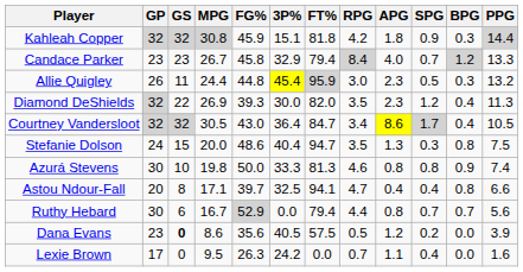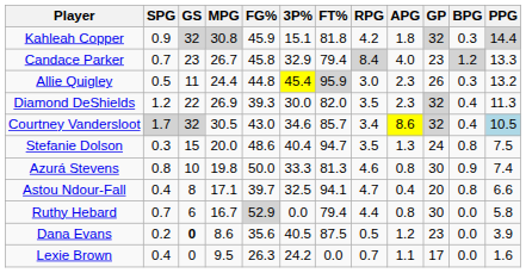 <table class="wikitable sortable" style="text-align:center;">
 <tr>
 <th>Player</th>
-<th>GP</th>
+<th>SPG</th>
 <th>GS</th>
 <th>MPG</th>
 <th>FG%</th>
 <th>3P%</th>
 <th>FT%</th>
 <th>RPG</th>
 <th>APG</th>
-<th>SPG</th>
+<th>GP</th>
 <th>BPG</th>
 <th>PPG</th>
 </tr>
 <tr>
 <td><a href='#'>Kahleah Copper</a></td>
-<td style="background:#D3D3D3;">32</td>
+<td>0.9</td>
 <td style="background:#D3D3D3;">32</td>
 <td style="background:#D3D3D3;">30.8</td>
 <td>45.9</td>
 <td>15.1</td>
 <td>81.8</td>
 <td>4.2</td>
 <td>1.8</td>
-<td>0.9</td>
+<td style="background:#D3D3D3;">32</td>
 <td>0.3</td>
 <td style="background:#D3D3D3;">14.4</td>
 </tr>
 <tr>
 <td><a href='#'>Candace Parker</a></td>
-<td>23</td>
+<td>0.7</td>
 <td>23</td>
 <td>26.7</td>
 <td>45.8</td>
 <td>32.9</td>
 <td>79.4</td>
 <td style="background:#D3D3D3;">8.4</td>
 <td>4.0</td>
-<td>0.7</td>
+<td>23</td>
 <td style="background:#D3D3D3;">1.2</td>
 <td>13.3</td>
 </tr>
 <tr>
 <td><a href='#'>Allie Quigley</a></td>
-<td>26</td>
+<td>0.5</td>
 <td>11</td>
 <td>24.4</td>
 <td>44.8</td>
 <td style="background:yellow;">45.4</td>
 <td style="background:#D3D3D3;">95.9</td>
 <td>3.0</td>
 <td>2.3</td>
-<td>0.5</td>
+<td>26</td>
 <td>0.3</td>
 <td>13.2</td>
 </tr>
 <tr>
 <td><a href='#'>Diamond DeShields</a></td>
-<td style="background:#D3D3D3;">32</td>
+<td>1.2</td>
 <td>22</td>
 <td>26.9</td>
 <td>39.3</td>
 <td>30.0</td>
 <td>82.0</td>
 <td>3.5</td>
 <td>2.3</td>
-<td>1.2</td>
+<td style="background:#D3D3D3;">32</td>
 <td>0.4</td>
 <td>11.3</td>
 </tr>
 <tr>
 <td><a href='#'>Courtney Vandersloot</a></td>
-<td style="background:#D3D3D3;">32</td>
+<td style="background:#D3D3D3;">1.7</td>
 <td style="background:#D3D3D3;">32</td>
 <td>30.5</td>
 <td>43.0</td>
-<td>36.4</td>
-<td>84.7</td>
+<td>34.6</td>
+<td>85.7</td>
 <td>3.4</td>
 <td style="background:yellow;">8.6</td>
-<td style="background:#D3D3D3;">1.7</td>
+<td style="background:#D3D3D3;">32</td>
 <td>0.4</td>
-<td>10.5</td>
+<td style="background: lightblue;">10.5</td>
 </tr>
 <tr>
 <td><a href='#'>Stefanie Dolson</a></td>
-<td>24</td>
+<td>0.3</td>
 <td>15</td>
 <td>20.0</td>
 <td>48.6</td>
 <td>40.4</td>
 <td>94.7</td>
 <td>3.5</td>
 <td>1.3</td>
-<td>0.3</td>
+<td>24</td>
 <td>0.8</td>
 <td>7.5</td>
 </tr>
 <tr>
 <td><a href='#'>Azurá Stevens</a></td>
-<td>30</td>
+<td>0.8</td>
 <td>10</td>
 <td>19.8</td>
 <td>50.0</td>
 <td>33.3</td>
 <td>81.3</td>
 <td>4.6</td>
 <td>0.8</td>
-<td>0.8</td>
+<td>30</td>
 <td>0.9</td>
 <td>7.4</td>
 </tr>
 <tr>
 <td><a href='#'>Astou Ndour-Fall</a></td>
-<td>20</td>
+<td>0.4</td>
 <td>8</td>
 <td>17.1</td>
 <td>39.7</td>
 <td>32.5</td>
 <td>94.1</td>
 <td>4.7</td>
 <td>0.4</td>
-<td>0.4</td>
+<td>20</td>
 <td>0.8</td>
 <td>6.6</td>
 </tr>
 <tr>
 <td><a href='#'>Ruthy Hebard</a></td>
-<td>30</td>
+<td>0.7</td>
 <td>6</td>
 <td>16.7</td>
 <td style="background:#D3D3D3;">52.9</td>
 <td>0.0</td>
 <td>79.4</td>
 <td>4.4</td>
 <td>0.8</td>
-<td>0.7</td>
-<td>0.7</td>
-<td>5.6</td>
+<td>30</td>
+<td>0.0</td>
+<td>5.8</td>
 </tr>
 <tr>
 <td><a href='#'>Dana Evans</a></td>
-<td>23</td>
+<td>0.2</td>
 <td><strong>0</strong></td>
 <td>8.6</td>
 <td>35.6</td>
 <td>40.5</td>
-<td>57.5</td>
+<td>87.5</td>
 <td>0.5</td>
 <td>1.2</td>
-<td>0.2</td>
+<td>23</td>
 <td>0.0</td>
 <td>3.9</td>
 </tr>
 <tr>
 <td><a href='#'>Lexie Brown</a></td>
-<td>17</td>
+<td>0.4</td>
 <td>0</td>
 <td>9.5</td>
 <td>26.3</td>
 <td>24.2</td>
 <td>0.0</td>
 <td>0.7</td>
 <td>1.1</td>
-<td>0.4</td>
+<td>17</td>
 <td>0.0</td>
 <td>1.6</td>
 </tr>
 </table>
